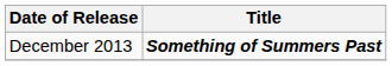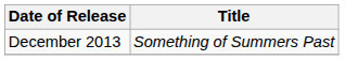 <table class="wikitable sortable">
 <tr>
 <th>Date of Release</th>
 <th>Title</th>
 </tr>
 <tr>
 <td>December 2013</td>
-<td><strong><em>Something of Summers Past</em></strong></td>
+<td><em>Something of Summers Past</em></td>
 </tr>
 <tr>
 </tr>
 </table>
